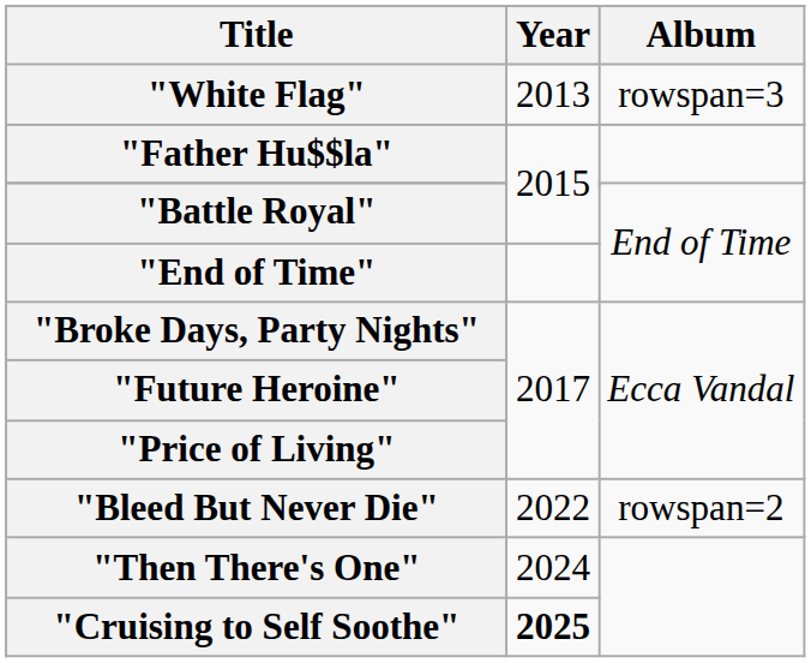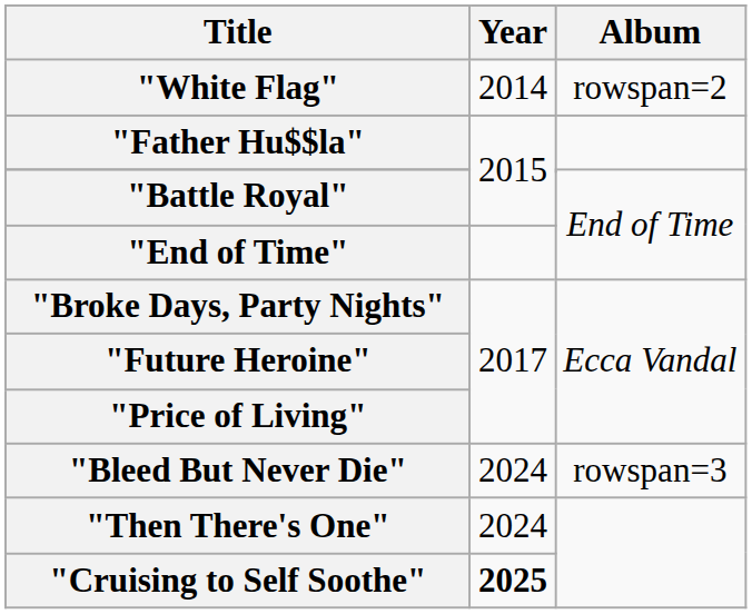 <table class="wikitable plainrowheaders" style="text-align:center;" border="1">
 <tr>
 <th scope="col" style="width:13em;">Title</th>
 <th scope="col" style="width:1em;">Year</th>
 <th scope="col">Album</th>
 </tr>
 <tr>
 <th scope="row">"White Flag"</th>
-<td>2013</td>
-<td>rowspan=3 </td>
+<td>2014</td>
+<td>rowspan=2 </td>
 </tr>
 <tr>
 <th scope="row">"Father Hu$$la"</th>
 <td rowspan="3">2015</td>
 </tr>
 <tr>
 </tr>
 <tr>
 <th scope="row">"Battle Royal"</th>
 <td rowspan="2"><em>End of Time</em></td>
 </tr>
 <tr>
 <th scope="row">"End of Time"</th>
 </tr>
 <tr>
 <th scope="row">"Broke Days, Party Nights"</th>
 <td rowspan="3">2017</td>
 <td rowspan="3"><em>Ecca Vandal</em></td>
 </tr>
 <tr>
 <th scope="row">"Future Heroine"</th>
 </tr>
 <tr>
 <th scope="row">"Price of Living"</th>
 </tr>
 <tr>
 <th scope="row">"Bleed But Never Die"</th>
-<td>2022</td>
-<td>rowspan=2 </td>
+<td>2024</td>
+<td>rowspan=3 </td>
 </tr>
 <tr>
 <th scope="row">"Then There's One"</th>
 <td>2024</td>
 </tr>
 <tr>
 <th scope="row">"Cruising to Self Soothe"</th>
 <td><strong>2025</strong></td>
 </tr>
 </table>
